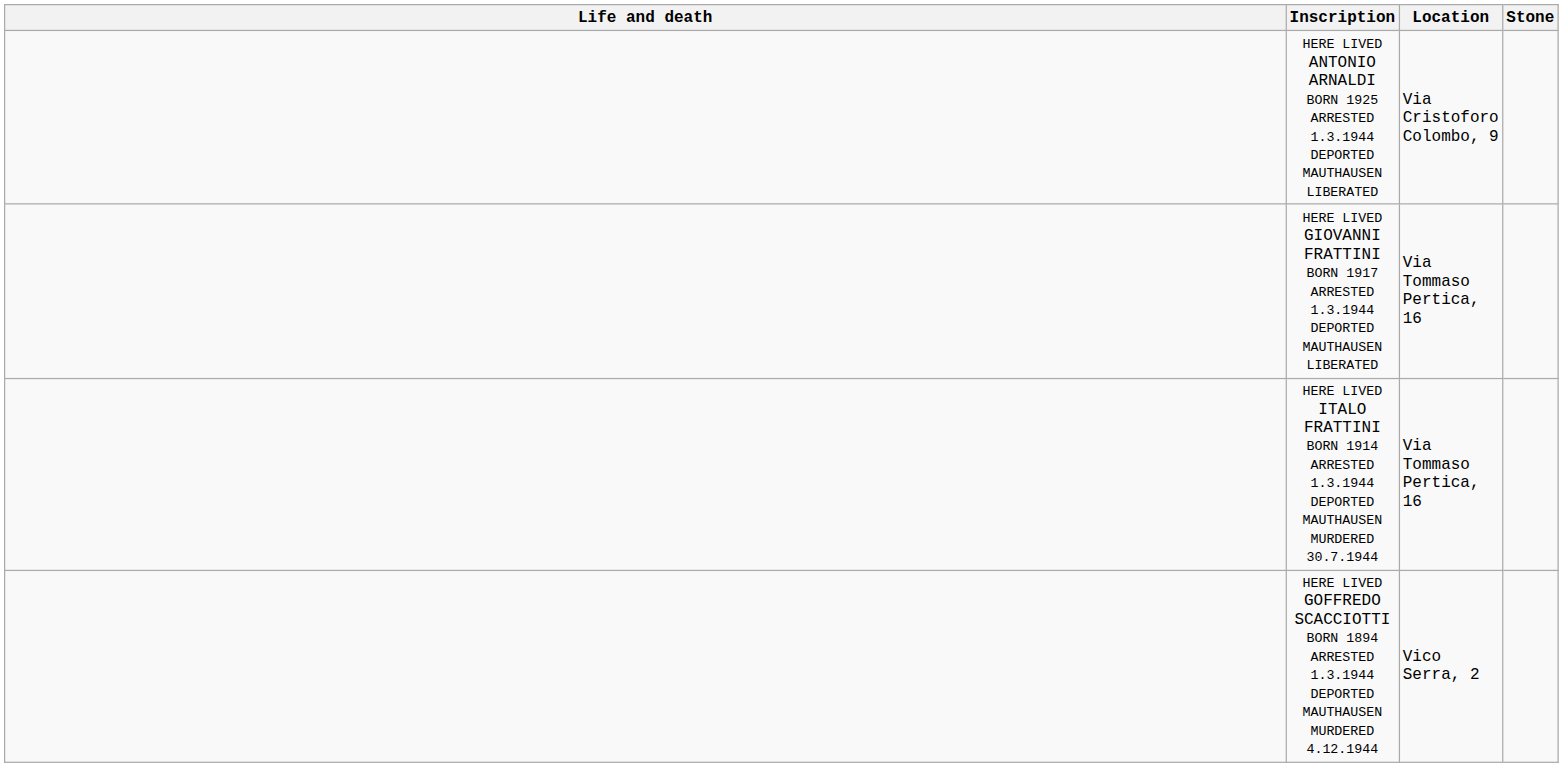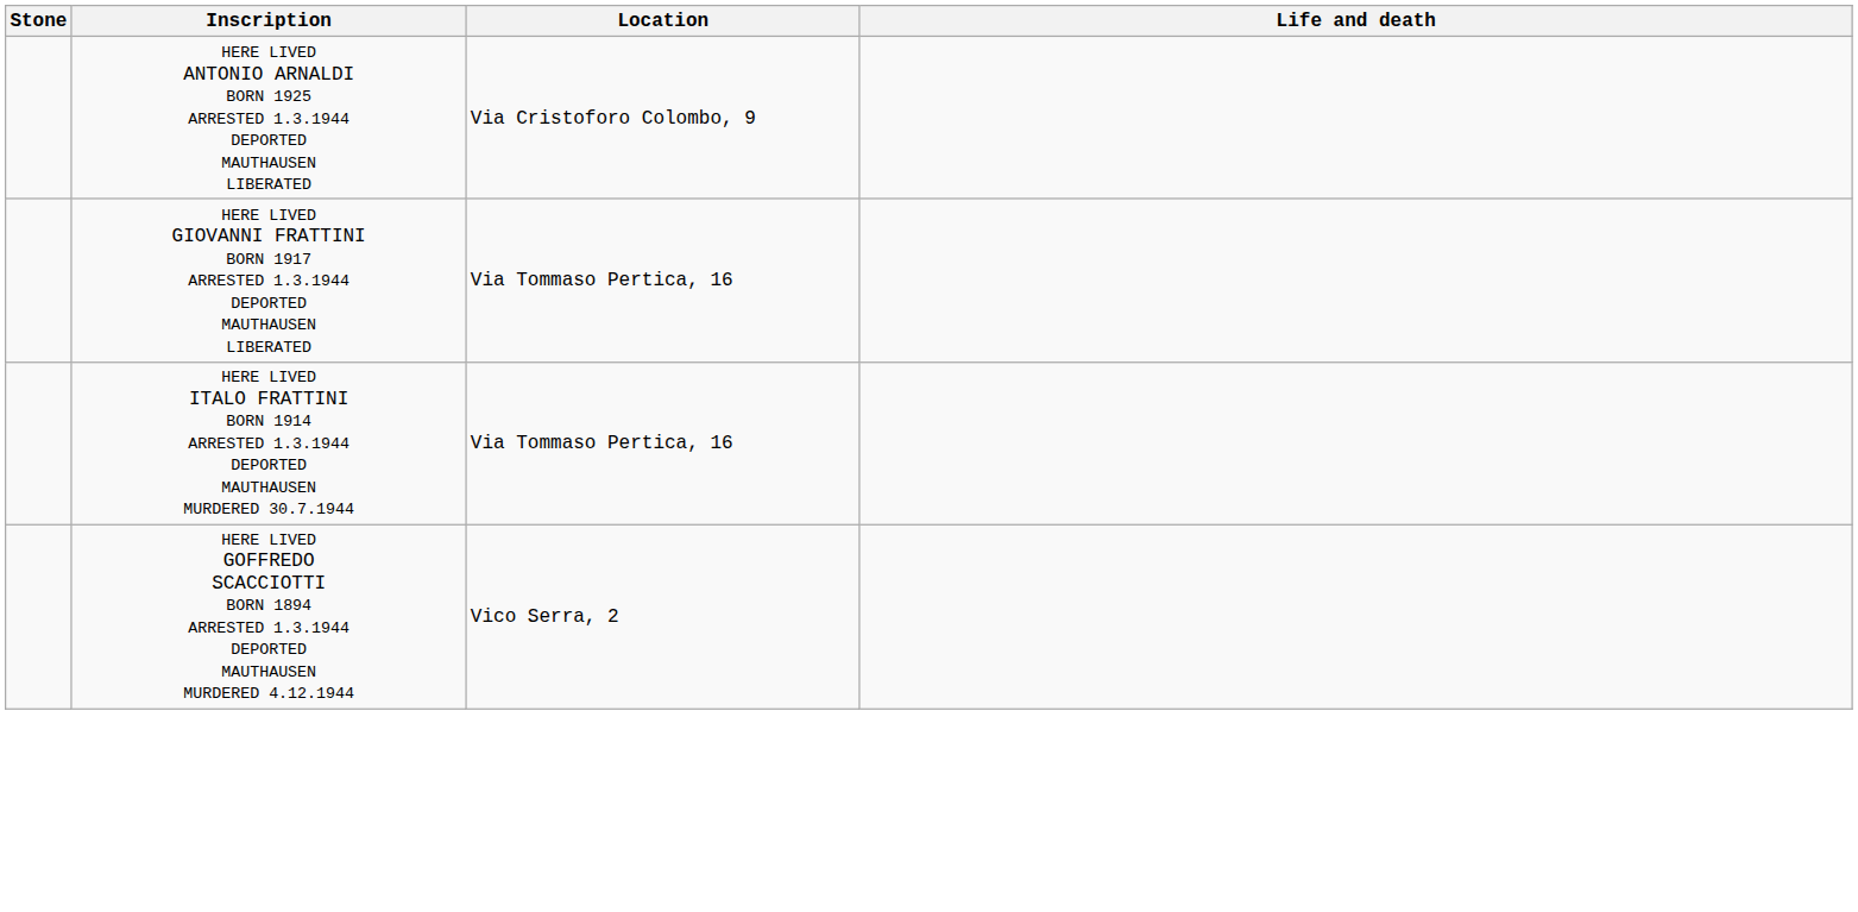 <table class="wikitable sortable toptextcells" style="width:100%">
 <tr>
-<th class="hintergrundfarbe6" style="width:100%;">Life and death</th>
+<th class="hintergrundfarbe6 unsortable" width="120px">Stone</th>
 <th class="hintergrundfarbe6 unsortable" style ="width:22%;">Inscription</th>
 <th class="hintergrundfarbe6" data-sort-type="text" style ="width:22%;">Location</th>
-<th class="hintergrundfarbe6 unsortable" width="120px">Stone</th>
+<th class="hintergrundfarbe6" style="width:100%;">Life and death</th>
 </tr>
 <tr>
-<td><strong></strong></td>
+<td></td>
 <td style="text-align:center"><div><small>HERE LIVED</small><br>ANTONIO ARNALDI<br><small>BORN 1925<br>ARRESTED 1.3.1944<br>DEPORTED<br>MAUTHAUSEN<br>LIBERATED</small></div></td>
 <td>Via Cristoforo Colombo, 9</td>
-<td></td>
+<td><strong></strong></td>
 </tr>
 <tr>
-<td><strong></strong></td>
+<td></td>
 <td style="text-align:center"><div><small>HERE LIVED</small><br>GIOVANNI FRATTINI<br><small>BORN 1917<br>ARRESTED 1.3.1944<br>DEPORTED<br>MAUTHAUSEN<br>LIBERATED</small></div></td>
 <td>Via Tommaso Pertica, 16</td>
-<td></td>
+<td><strong></strong></td>
 </tr>
 <tr>
-<td><strong></strong></td>
+<td></td>
 <td style="text-align:center"><div><small>HERE LIVED</small><br>ITALO FRATTINI<br><small>BORN 1914<br>ARRESTED 1.3.1944<br>DEPORTED<br>MAUTHAUSEN<br>MURDERED 30.7.1944</small></div></td>
 <td>Via Tommaso Pertica, 16</td>
-<td></td>
+<td><strong></strong></td>
 </tr>
 <tr>
-<td><strong></strong></td>
+<td></td>
 <td style="text-align:center"><div><small>HERE LIVED</small><br>GOFFREDO<br>SCACCIOTTI<br><small>BORN 1894<br>ARRESTED 1.3.1944<br>DEPORTED<br>MAUTHAUSEN<br>MURDERED 4.12.1944</small></div></td>
 <td>Vico Serra, 2<br></td>
-<td></td>
+<td><strong></strong></td>
 </tr>
 </table>
